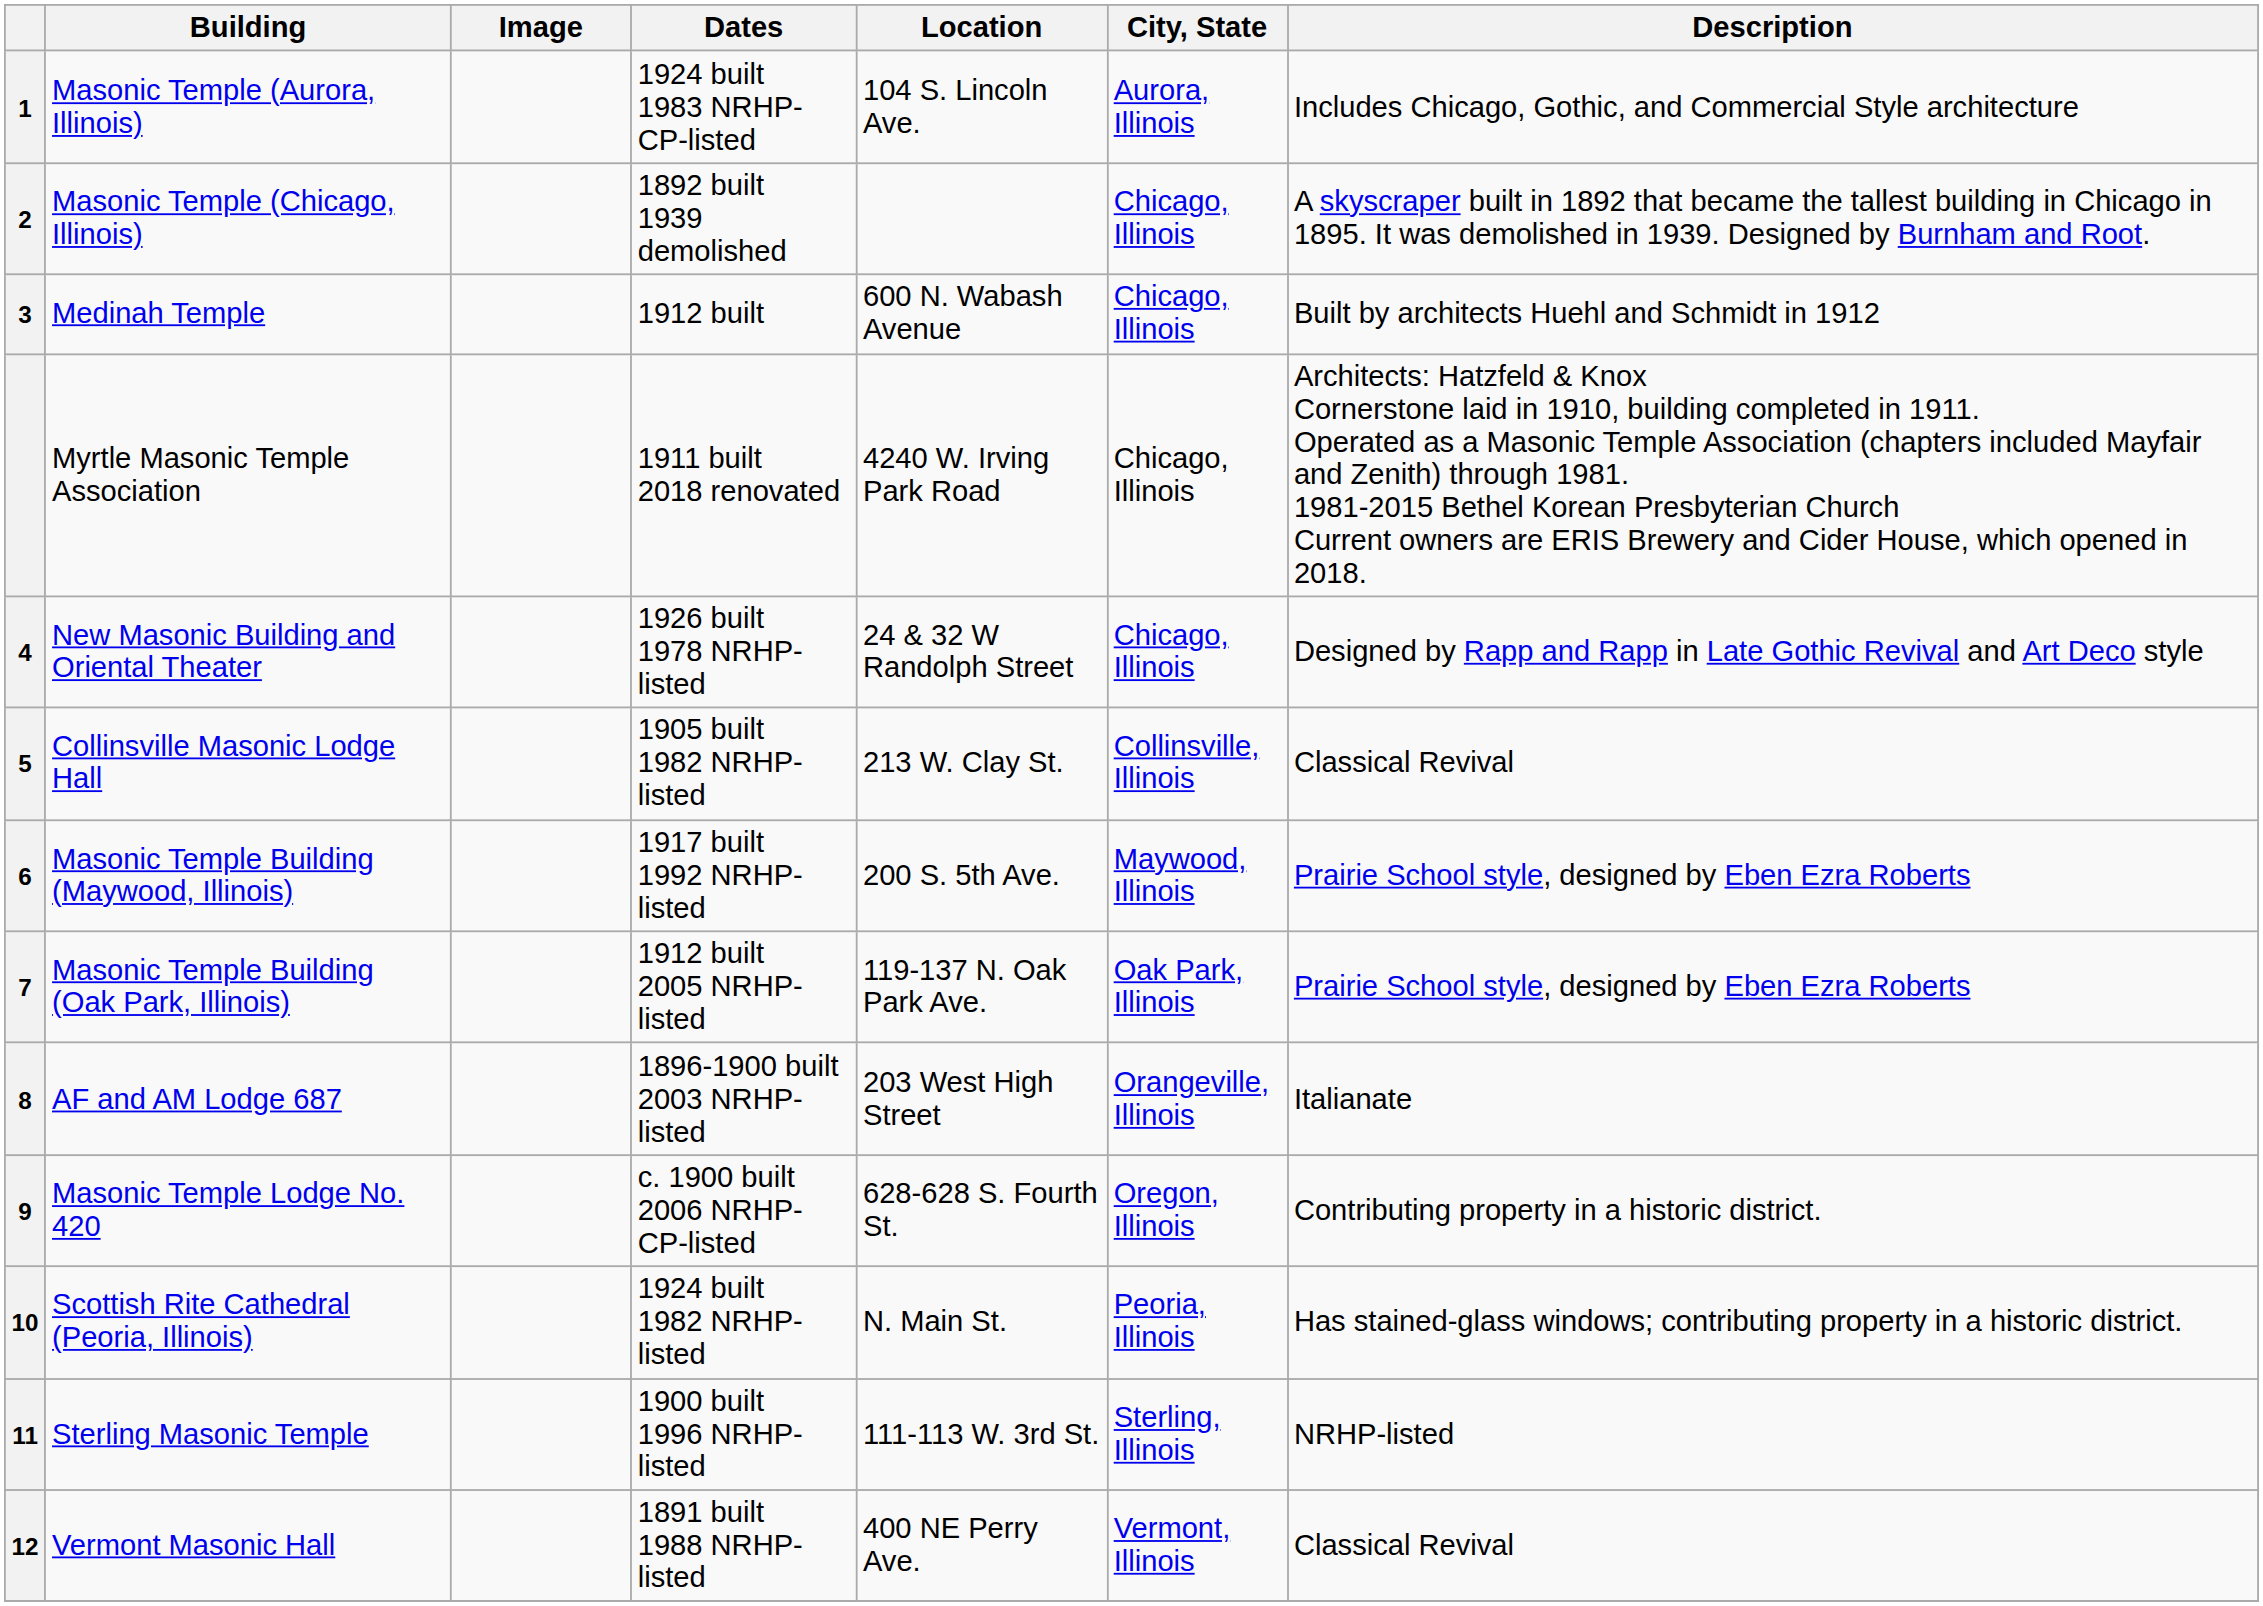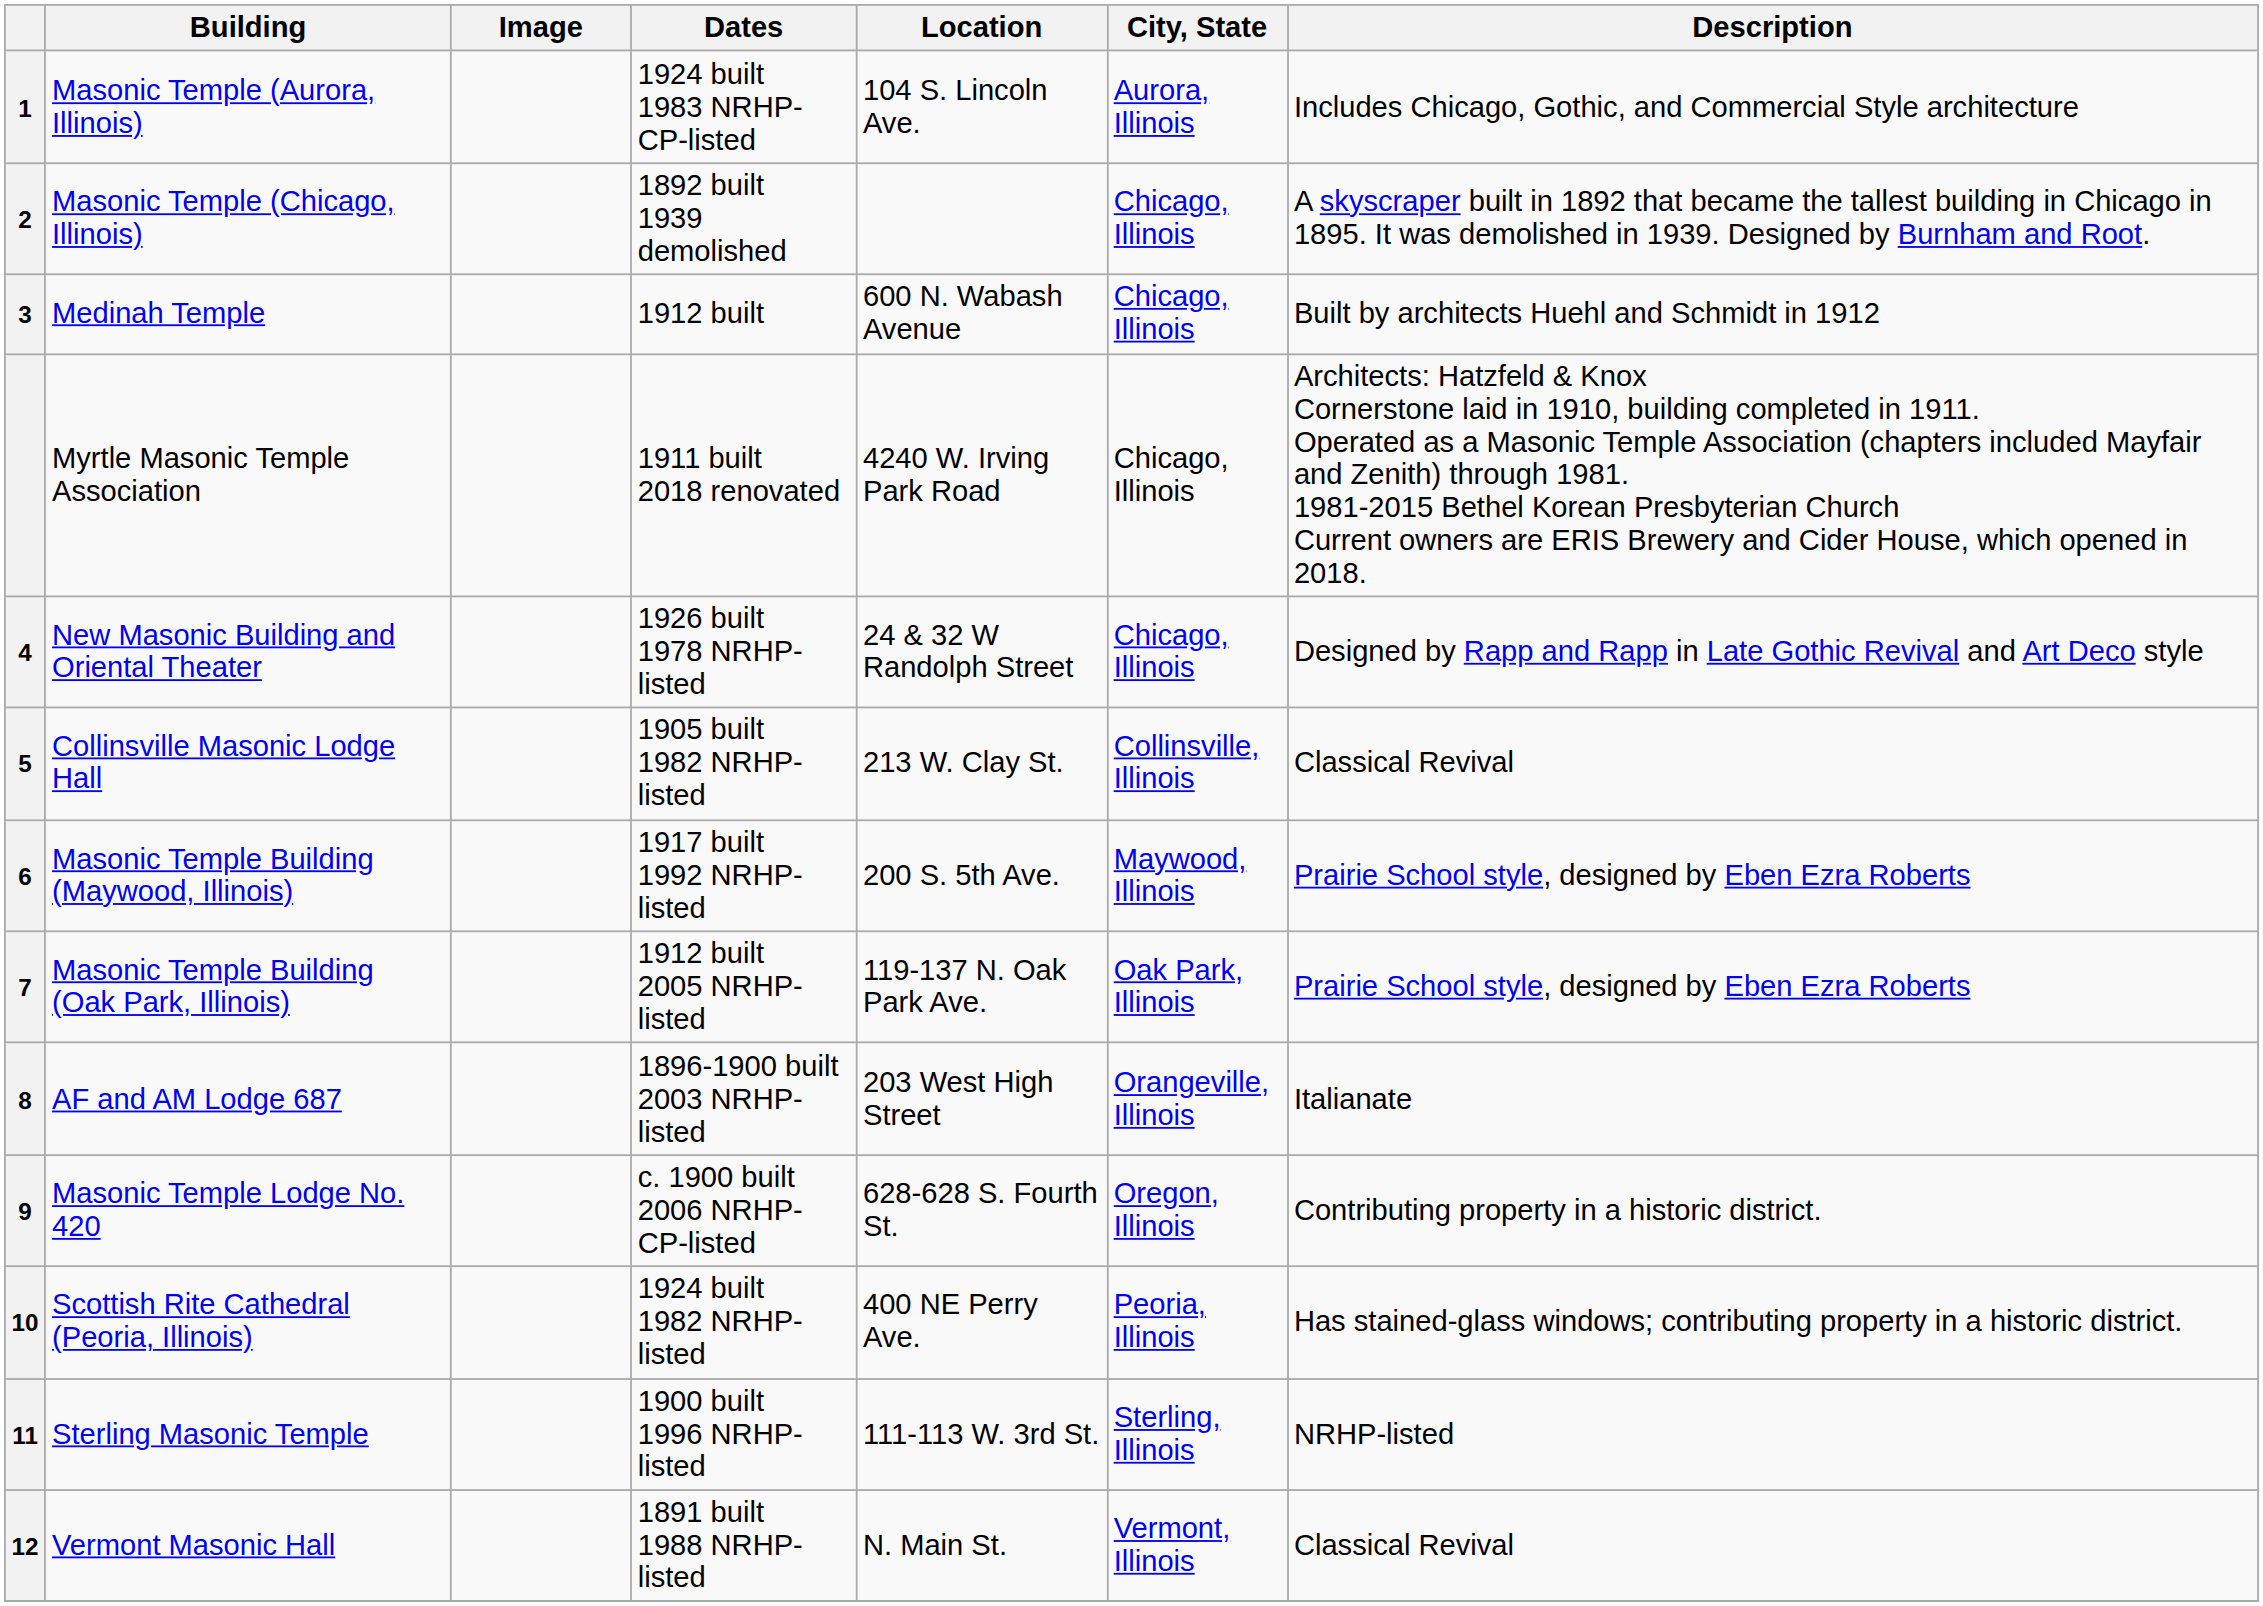 <table class="wikitable sortable" style="width:98%">
 <tr>
 <th></th>
 <th width = 18%><strong>Building</strong></th>
 <th width = 8% class="unsortable"><strong>Image</strong></th>
 <th width = 10%><strong>Dates</strong></th>
 <th><strong>Location</strong></th>
 <th width = 8%><strong>City, State</strong></th>
 <th class="unsortable"><strong>Description</strong></th>
 </tr>
 <tr ->
 <th><small>1</small></th>
 <td><a href='#'>Masonic Temple (Aurora, Illinois)</a></td>
 <td></td>
 <td>1924 built<br>1983 NRHP-CP-listed</td>
 <td>104 S. Lincoln Ave.<br><small></small></td>
 <td><a href='#'>Aurora, Illinois</a></td>
 <td>Includes Chicago, Gothic, and Commercial Style architecture</td>
 </tr>
 <tr ->
 <th><small>2</small></th>
 <td><a href='#'>Masonic Temple (Chicago, Illinois)</a></td>
 <td></td>
 <td>1892 built<br>1939 demolished</td>
 <td></td>
 <td><a href='#'>Chicago, Illinois</a></td>
 <td>A <a href='#'>skyscraper</a> built in 1892 that became the tallest building in Chicago in 1895.  It was demolished in 1939.  Designed by <a href='#'>Burnham and Root</a>.</td>
 </tr>
 <tr ->
 <th><small>3</small></th>
 <td><a href='#'>Medinah Temple</a></td>
 <td></td>
 <td>1912 built</td>
 <td>600 N. Wabash Avenue<br><small></small></td>
 <td><a href='#'>Chicago, Illinois</a></td>
 <td>Built by architects Huehl and Schmidt in 1912</td>
 </tr>
 <tr>
 <th></th>
 <td>Myrtle Masonic Temple Association</td>
 <td></td>
 <td>1911 built<br>2018 renovated</td>
 <td>4240 W. Irving Park Road</td>
 <td>Chicago, Illinois</td>
 <td>Architects: Hatzfeld & Knox<br>Cornerstone laid in 1910, building completed in 1911.<br>Operated as a Masonic Temple Association (chapters included Mayfair and Zenith) through 1981.<br>1981-2015 Bethel Korean Presbyterian Church<br>Current owners are ERIS Brewery and Cider House, which opened in 2018.</td>
 </tr>
 <tr ->
 <th><small>4</small></th>
 <td><a href='#'>New Masonic Building and Oriental Theater</a></td>
 <td></td>
 <td>1926 built<br>1978 NRHP-listed</td>
 <td>24 & 32 W Randolph Street<br><small></small></td>
 <td><a href='#'>Chicago, Illinois</a></td>
 <td>Designed by <a href='#'>Rapp and Rapp</a> in <a href='#'>Late Gothic Revival</a> and <a href='#'>Art Deco</a> style</td>
 </tr>
 <tr ->
 <th><small>5</small></th>
 <td><a href='#'>Collinsville Masonic Lodge Hall</a></td>
 <td></td>
 <td>1905 built<br>1982 NRHP-listed</td>
 <td>213 W. Clay St.<br><small></small></td>
 <td><a href='#'>Collinsville, Illinois</a></td>
 <td>Classical Revival</td>
 </tr>
 <tr ->
 <th><small>6</small></th>
 <td><a href='#'>Masonic Temple Building (Maywood, Illinois)</a></td>
 <td></td>
 <td>1917 built<br>1992 NRHP-listed</td>
 <td>200 S. 5th Ave.<br><small></small></td>
 <td><a href='#'>Maywood, Illinois</a></td>
 <td><a href='#'>Prairie School style</a>, designed by <a href='#'>Eben Ezra Roberts</a></td>
 </tr>
 <tr ->
 <th><small>7</small></th>
 <td><a href='#'>Masonic Temple Building (Oak Park, Illinois)</a></td>
 <td></td>
 <td>1912 built<br>2005 NRHP-listed</td>
 <td>119-137 N. Oak Park Ave.<br><small></small></td>
 <td><a href='#'>Oak Park, Illinois</a></td>
 <td><a href='#'>Prairie School style</a>, designed by <a href='#'>Eben Ezra Roberts</a></td>
 </tr>
 <tr ->
 <th><small>8</small></th>
 <td><a href='#'>AF and AM Lodge 687</a></td>
 <td></td>
 <td>1896-1900 built<br>2003 NRHP-listed</td>
 <td>203 West High Street<br><small></small></td>
 <td><a href='#'>Orangeville, Illinois</a></td>
 <td>Italianate</td>
 </tr>
 <tr ->
 <th><small>9</small></th>
 <td><a href='#'>Masonic Temple Lodge No. 420</a></td>
 <td></td>
 <td>c. 1900 built<br>2006 NRHP-CP-listed</td>
 <td>628-628 S. Fourth St.<br><small></small></td>
 <td><a href='#'>Oregon, Illinois</a></td>
 <td>Contributing property in a historic district.</td>
 </tr>
 <tr ->
 <th><small>10</small></th>
 <td><a href='#'>Scottish Rite Cathedral (Peoria, Illinois)</a></td>
 <td></td>
 <td>1924 built<br>1982 NRHP-listed</td>
-<td>N. Main St.<br><small></small></td>
+<td>400 NE Perry Ave.<br><small></small></td>
 <td><a href='#'>Peoria, Illinois</a></td>
 <td>Has stained-glass windows; contributing property in a historic district.</td>
 </tr>
 <tr ->
 <th><small>11</small></th>
 <td><a href='#'>Sterling Masonic Temple</a></td>
 <td></td>
 <td>1900 built<br>1996 NRHP-listed</td>
 <td>111-113 W. 3rd St.<br><small></small></td>
 <td><a href='#'>Sterling, Illinois</a></td>
 <td>NRHP-listed</td>
 </tr>
 <tr ->
 <th><small>12</small></th>
 <td><a href='#'>Vermont Masonic Hall</a></td>
 <td></td>
 <td>1891 built<br>1988 NRHP-listed</td>
-<td>400 NE Perry Ave.<br><small></small></td>
+<td>N. Main St.<br><small></small></td>
 <td><a href='#'>Vermont, Illinois</a></td>
 <td>Classical Revival</td>
 </tr>
 <tr ->
 </tr>
 </table>
